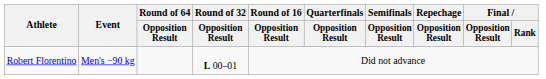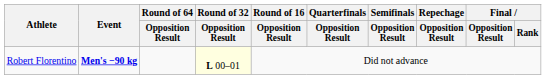 <table class="wikitable" style="font-size:90%">
 <tr>
 <th rowspan="2">Athlete</th>
 <th rowspan="2">Event</th>
 <th>Round of 64</th>
 <th>Round of 32</th>
 <th>Round of 16</th>
 <th>Quarterfinals</th>
 <th>Semifinals</th>
 <th>Repechage</th>
 <th colspan=2>Final / </th>
 </tr>
 <tr style="font-size:95%">
 <th>Opposition<br>Result</th>
 <th>Opposition<br>Result</th>
 <th>Opposition<br>Result</th>
 <th>Opposition<br>Result</th>
 <th>Opposition<br>Result</th>
 <th>Opposition<br>Result</th>
 <th>Opposition<br>Result</th>
 <th>Rank</th>
 </tr>
 <tr align=center>
 <td align=left><a href='#'>Robert Florentino</a></td>
-<td align=left><a href='#'>Men's −90 kg</a></td>
+<td align=left><strong><a href='#'>Men's −90 kg</a></strong></td>
 <td></td>
-<td><br><strong>L</strong> 00–01</td>
+<td style="background: lightyellow;"><br><strong>L</strong> 00–01</td>
 <td colspan="6">Did not advance</td>
 </tr>
 </table>
